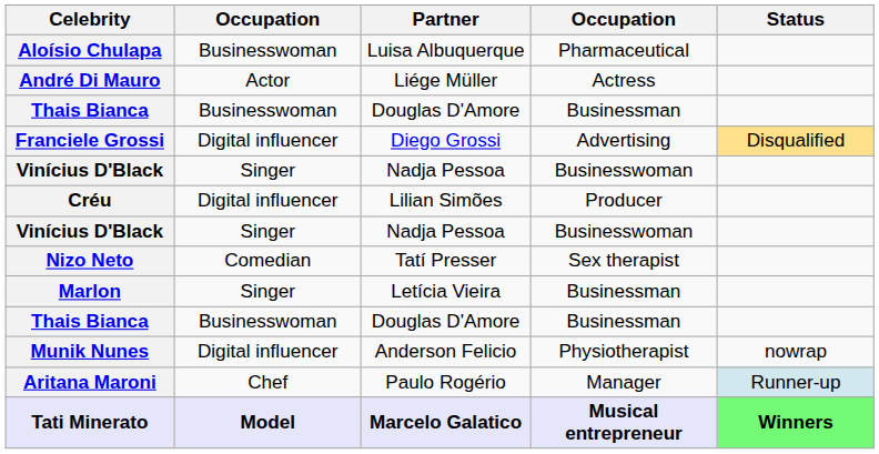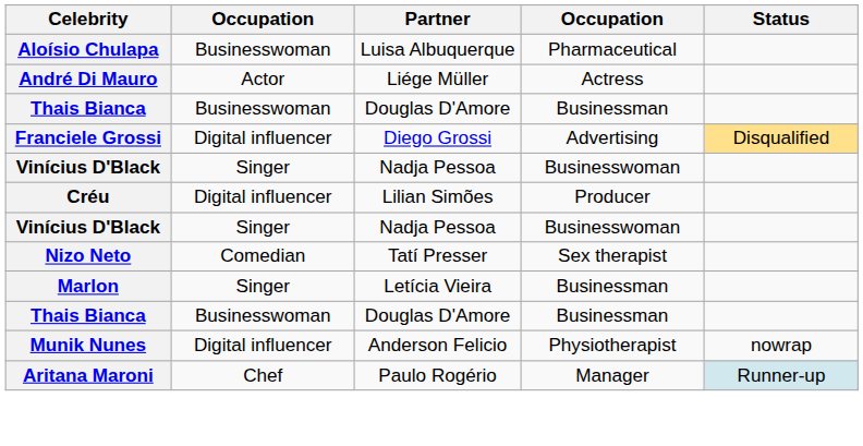 <table class= "wikitable sortable" style="text-align: center; margin:auto; align: center">
 <tr>
 <th width=135>Celebrity</th>
 <th width=150>Occupation</th>
 <th width=135>Partner</th>
 <th width=150>Occupation</th>
 <th width=125>Status</th>
 </tr>
 <tr>
 <th><a href='#'>Aloísio Chulapa</a></th>
 <td>Businesswoman</td>
 <td nowrap>Luisa Albuquerque</td>
 <td>Pharmaceutical</td>
 <td></td>
 </tr>
 <tr>
 <th><a href='#'>André Di Mauro</a></th>
 <td>Actor</td>
 <td>Liége Müller</td>
 <td>Actress</td>
 <td></td>
 </tr>
 <tr>
 <th nowrap><a href='#'>Thais Bianca</a><br></th>
 <td>Businesswoman</td>
 <td nowrap>Douglas D'Amore<br></td>
 <td>Businessman</td>
 <td></td>
 </tr>
 <tr>
 <th><a href='#'>Franciele Grossi</a></th>
 <td>Digital influencer</td>
 <td><a href='#'>Diego Grossi</a></td>
 <td>Advertising</td>
 <td bgcolor=FFE08B>Disqualified<br></td>
 </tr>
 <tr>
 <th>Vinícius D'Black<br></th>
 <td>Singer</td>
 <td>Nadja Pessoa<br></td>
 <td>Businesswoman</td>
 <td></td>
 </tr>
 <tr>
 <th>Créu</th>
 <td>Digital influencer</td>
 <td>Lilian Simões</td>
 <td>Producer</td>
 <td></td>
 </tr>
 <tr>
 <th>Vinícius D'Black</th>
 <td>Singer</td>
 <td>Nadja Pessoa</td>
 <td>Businesswoman</td>
 <td></td>
 </tr>
 <tr>
 <th><a href='#'>Nizo Neto</a></th>
 <td>Comedian</td>
 <td>Tatí Presser</td>
 <td>Sex therapist</td>
 <td></td>
 </tr>
 <tr>
 <th><a href='#'>Marlon</a></th>
 <td>Singer</td>
 <td>Letícia Vieira</td>
 <td>Businessman</td>
 <td></td>
 </tr>
 <tr>
 <th><a href='#'>Thais Bianca</a></th>
 <td>Businesswoman</td>
 <td>Douglas D'Amore</td>
 <td>Businessman</td>
 <td></td>
 </tr>
 <tr>
 <th><a href='#'>Munik Nunes</a></th>
 <td>Digital influencer</td>
 <td>Anderson Felicio</td>
 <td>Physiotherapist</td>
 <td>nowrap </td>
 </tr>
 <tr>
 <th><a href='#'>Aritana Maroni</a></th>
 <td>Chef</td>
 <td>Paulo Rogério</td>
 <td>Manager</td>
 <td bgcolor=D1E8EF>Runner-up<br></td>
 </tr>
-<tr>
-<td bgcolor="E6E6FA"><strong>Tati Minerato</strong></td>
-<td bgcolor="E6E6FA"><strong>Model</strong></td>
-<td bgcolor="E6E6FA"><strong>Marcelo Galatico</strong></td>
-<td bgcolor="E6E6FA"><strong>Musical entrepreneur</strong></td>
-<td bgcolor=73FB76><strong>Winners</strong><br></td>
-</tr>
 </table>
